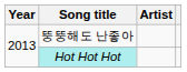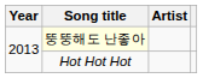 <table class="wikitable" style="text-align:center">
 <tr>
 <th scope="col">Year</th>
 <th scope="col">Song title</th>
 <th scope="col">Artist</th>
 <th scope="col" class="unsortable"></th>
 </tr>
 <tr>
 <td rowspan="2">2013</td>
-<td>뚱뚱해도 난좋아</td>
+<td style="background: lightyellow;">뚱뚱해도 난좋아</td>
 <td></td>
 <td></td>
 </tr>
 <tr>
-<td style="background: paleturquoise;"><em>Hot Hot Hot</em></td>
+<td><em>Hot Hot Hot</em></td>
 <td></td>
 <td></td>
 </tr>
 </table>
